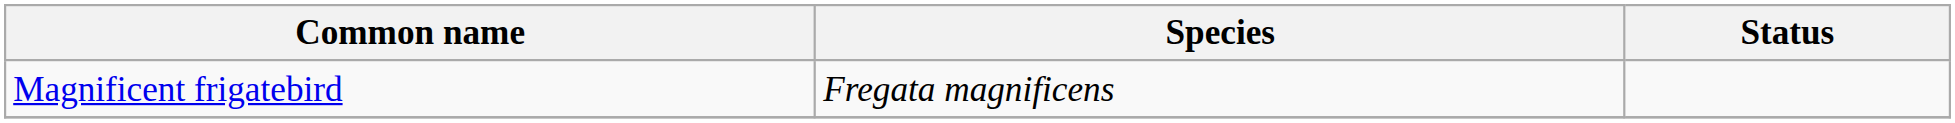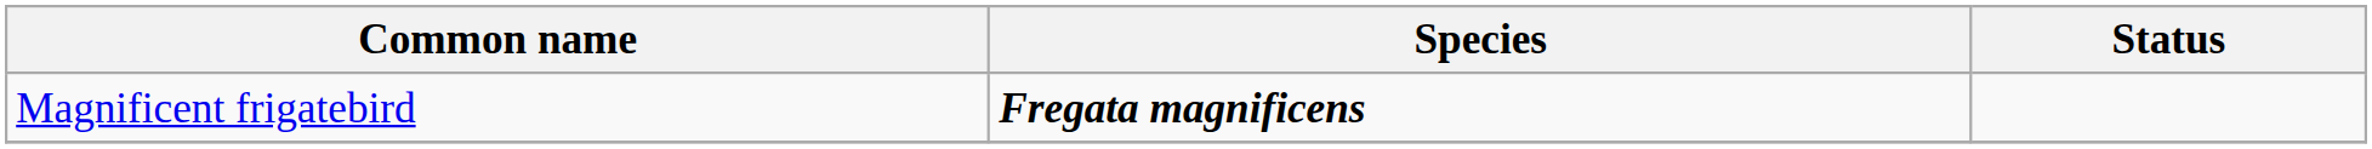 <table width=70% class="wikitable">
 <tr>
 <th width=20%>Common name</th>
 <th width=20%>Species</th>
 <th width=8%>Status</th>
 </tr>
 <tr>
 <td><a href='#'>Magnificent frigatebird</a></td>
-<td><em>Fregata magnificens</em></td>
+<td><strong><em>Fregata magnificens</em></strong></td>
 <td align=center></td>
 </tr>
 <tr>
 </tr>
 </table>
